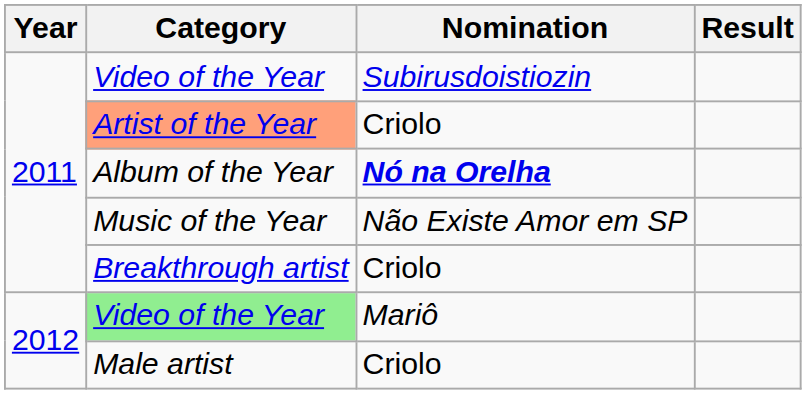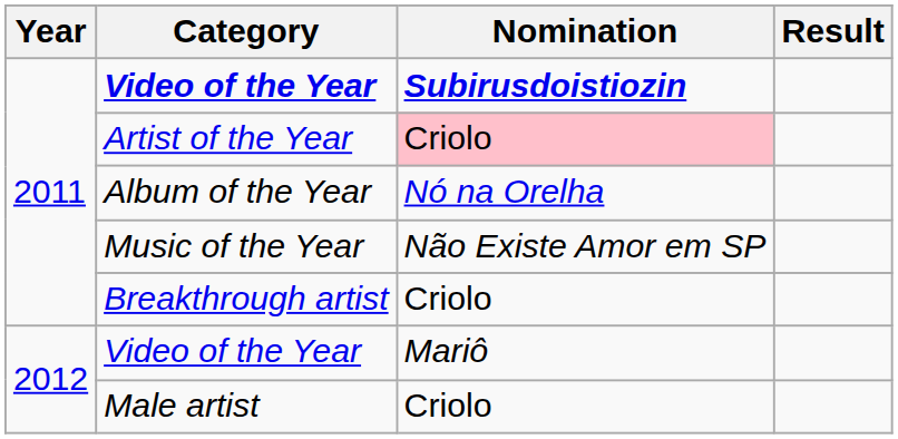 <table class="wikitable">
 <tr>
 <th>Year</th>
 <th>Category</th>
 <th>Nomination</th>
 <th>Result</th>
 </tr>
 <tr>
 <td rowspan="5"><a href='#'>2011</a></td>
-<td><em><a href='#'>Video of the Year</a></em></td>
-<td><em><a href='#'>Subirusdoistiozin</a></em></td>
+<td><strong><em><a href='#'>Video of the Year</a></em></strong></td>
+<td><strong><em><a href='#'>Subirusdoistiozin</a></em></strong></td>
 <td></td>
 </tr>
 <tr>
-<td style="background: lightsalmon;"><em><a href='#'>Artist of the Year</a></em></td>
-<td>Criolo</td>
+<td><em><a href='#'>Artist of the Year</a></em></td>
+<td style="background: pink;">Criolo</td>
 <td></td>
 </tr>
 <tr>
 <td><em>Album of the Year</em></td>
-<td><strong><em><a href='#'>Nó na Orelha</a></em></strong></td>
+<td><em><a href='#'>Nó na Orelha</a></em></td>
 <td></td>
 </tr>
 <tr>
 <td><em>Music of the Year</em></td>
 <td><em>Não Existe Amor em SP</em></td>
 <td></td>
 </tr>
 <tr>
 <td><em><a href='#'>Breakthrough artist</a></em></td>
 <td>Criolo</td>
 <td></td>
 </tr>
 <tr>
 <td rowspan="2"><a href='#'>2012</a></td>
-<td style="background: lightgreen;"><em><a href='#'>Video of the Year</a></em></td>
+<td><em><a href='#'>Video of the Year</a></em></td>
 <td><em>Mariô</em></td>
 <td></td>
 </tr>
 <tr>
 <td><em>Male artist</em></td>
 <td>Criolo</td>
 <td></td>
 </tr>
 </table>
